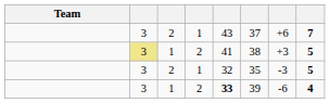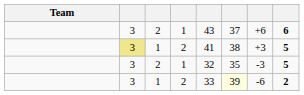 <table class="wikitable" style="text-align:center;font-size:95%">
 <tr>
 <th width=160>Team</th>
 <th width=30></th>
 <th width=30></th>
 <th width=30></th>
 <th width=30></th>
 <th width=30></th>
 <th width=30></th>
 <th width=30></th>
 </tr>
 <tr>
 <td align="left"></td>
 <td>3</td>
 <td>2</td>
 <td>1</td>
 <td>43</td>
 <td>37</td>
 <td>+6</td>
-<td><strong>7</strong></td>
+<td><strong>6</strong></td>
 </tr>
 <tr>
 <td align="left"></td>
 <td style="background: khaki;">3</td>
 <td>1</td>
 <td>2</td>
 <td>41</td>
 <td>38</td>
 <td>+3</td>
 <td><strong>5</strong></td>
 </tr>
 <tr>
 <td align="left"></td>
 <td>3</td>
 <td>2</td>
 <td>1</td>
 <td>32</td>
 <td>35</td>
 <td>-3</td>
 <td><strong>5</strong></td>
 </tr>
 <tr>
 <td align="left"></td>
 <td>3</td>
 <td>1</td>
 <td>2</td>
-<td><strong>33</strong></td>
-<td>39</td>
+<td>33</td>
+<td style="background: lightyellow;">39</td>
 <td>-6</td>
-<td><strong>4</strong></td>
+<td><strong>2</strong></td>
 </tr>
 </table>
